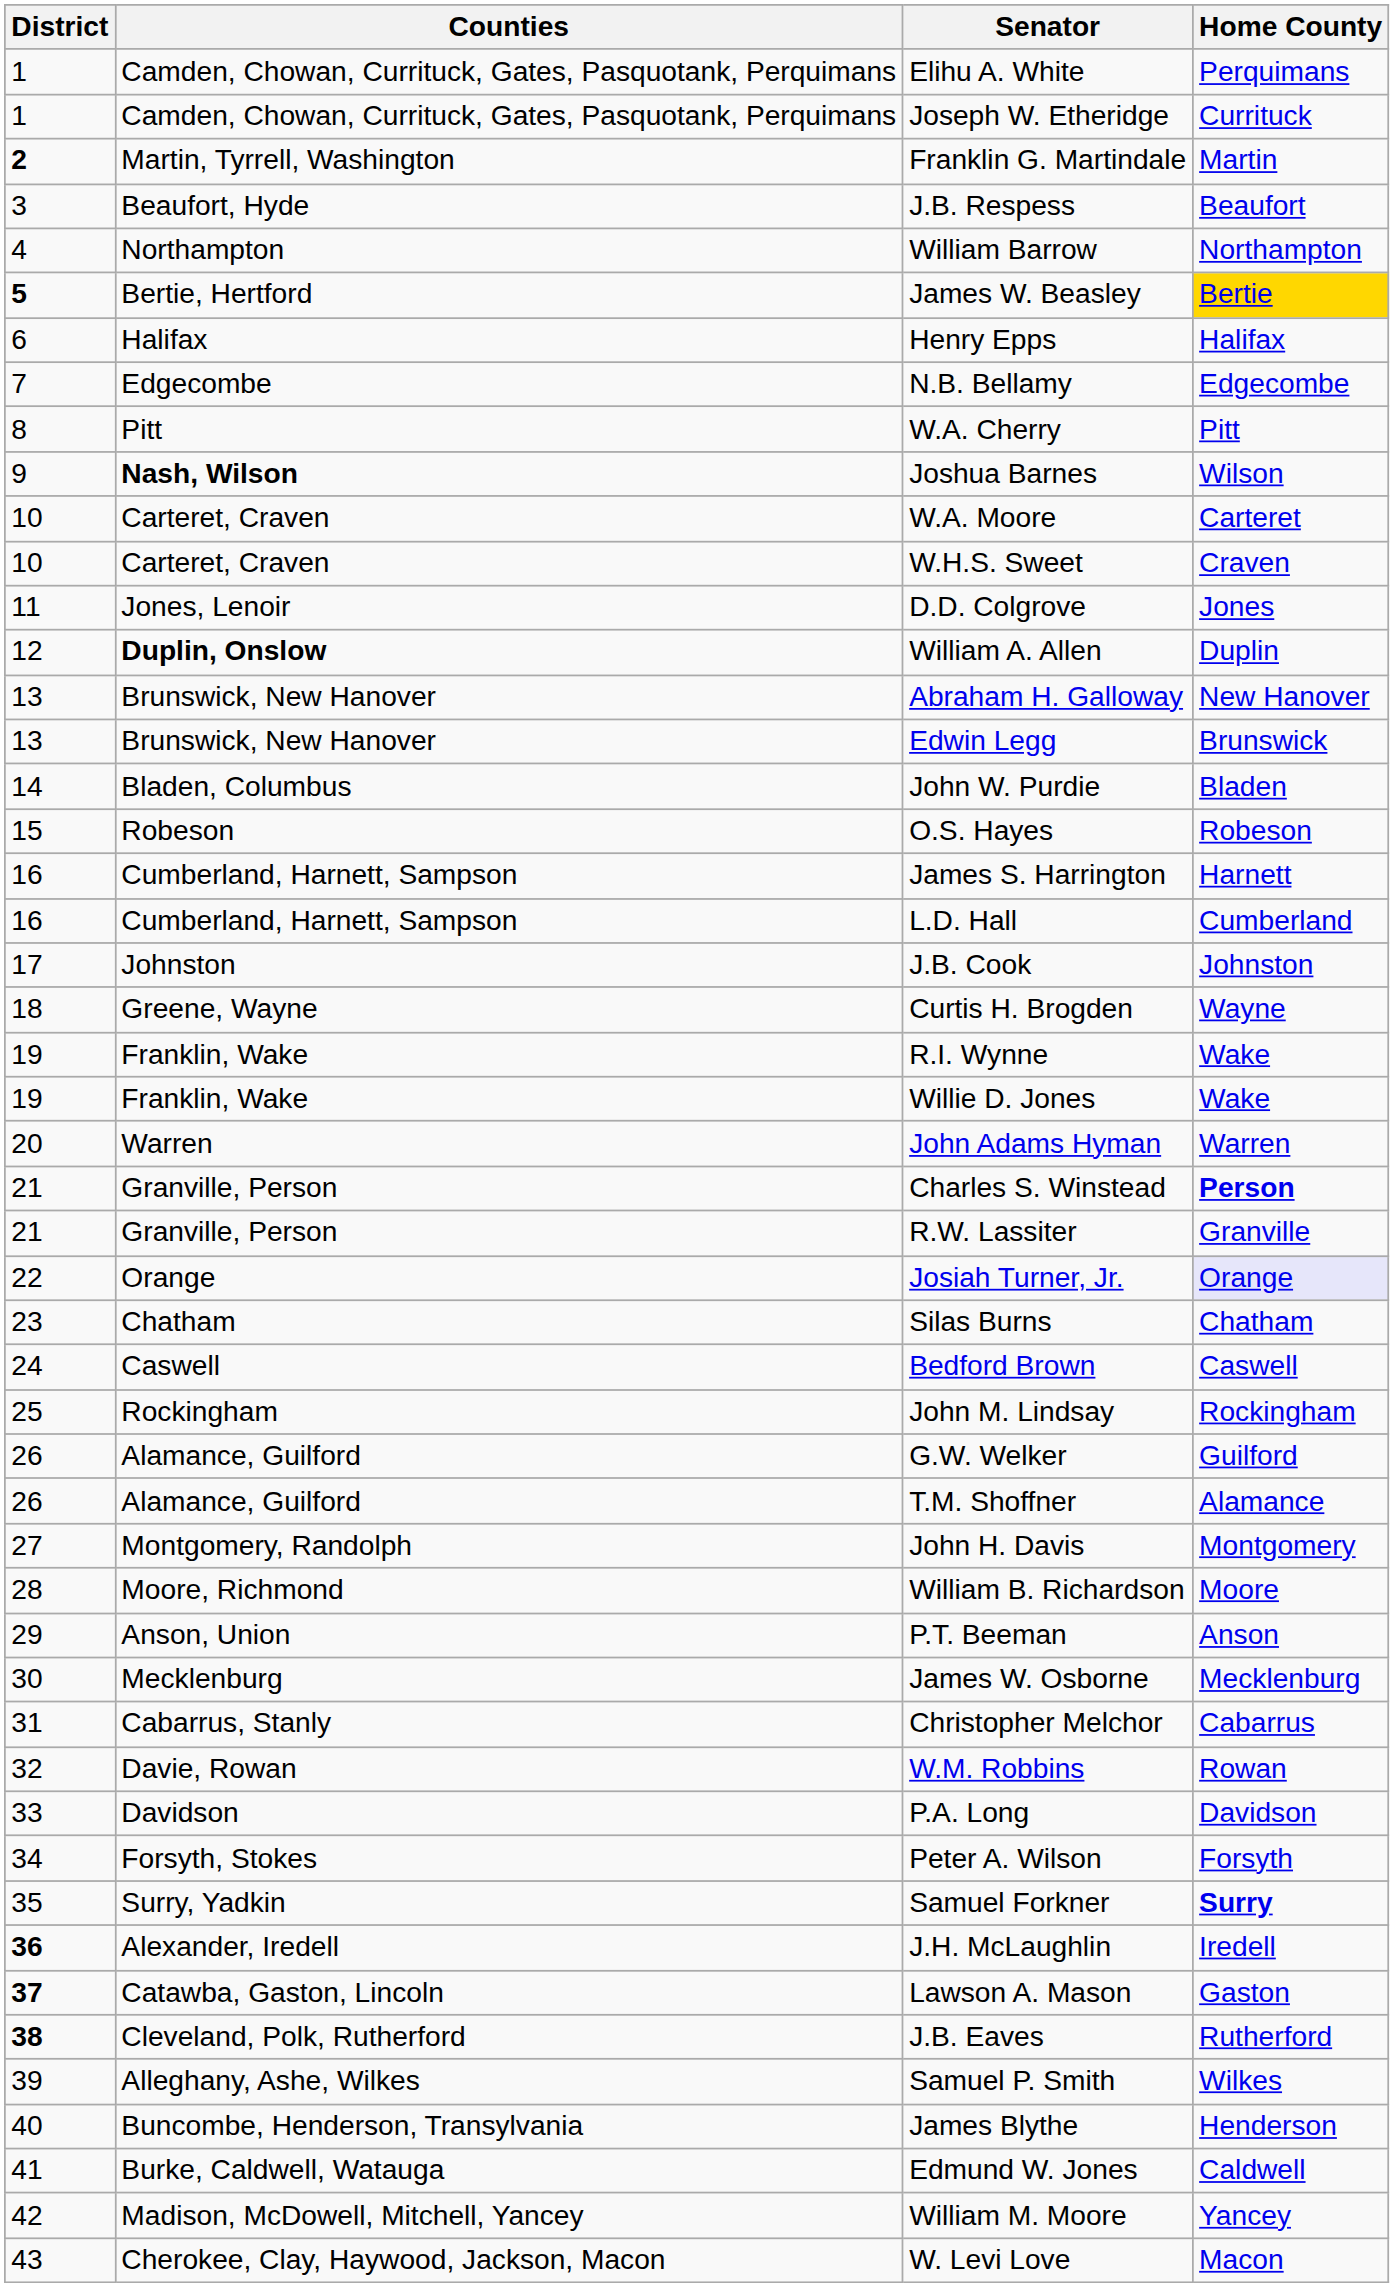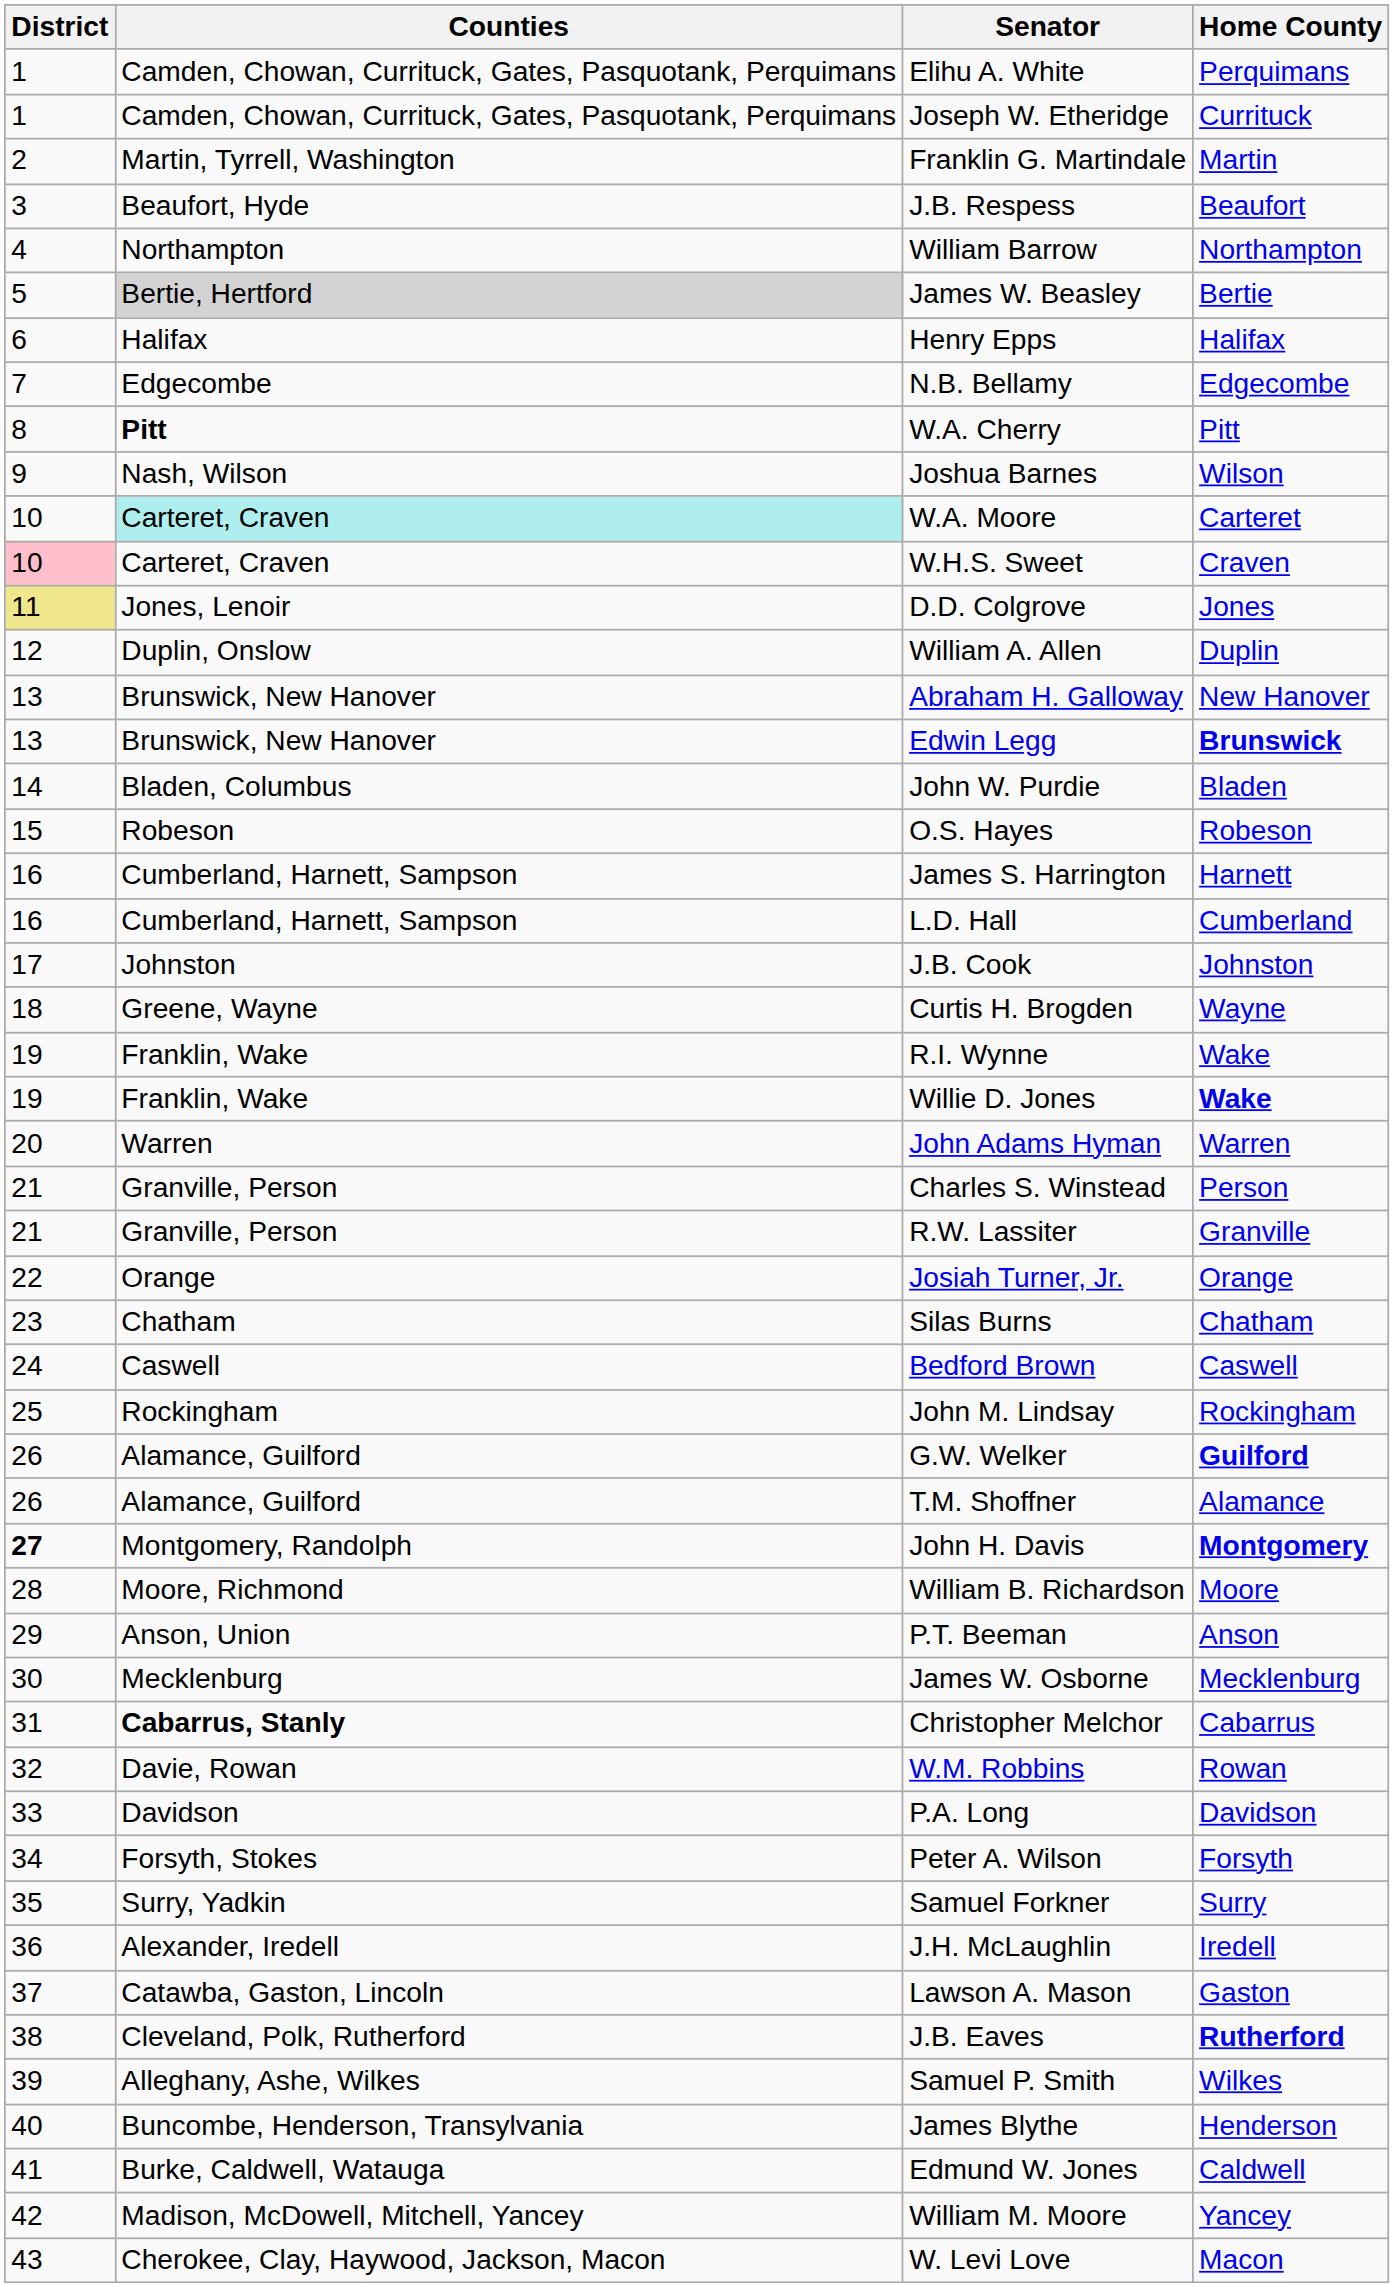 <table class="wikitable sortable">
 <tr>
 <th>District</th>
 <th>Counties</th>
 <th>Senator</th>
 <th>Home County</th>
 </tr>
 <tr>
 <td>1</td>
 <td>Camden, Chowan, Currituck, Gates, Pasquotank, Perquimans</td>
 <td data-sort-value="White, Elihua A.">Elihu A. White</td>
 <td><a href='#'>Perquimans</a></td>
 </tr>
 <tr>
 <td>1</td>
 <td>Camden, Chowan, Currituck, Gates, Pasquotank, Perquimans</td>
 <td data-sort-value="Etheridge, Josepha W.">Joseph W. Etheridge</td>
 <td><a href='#'>Currituck</a></td>
 </tr>
 <tr>
-<td><strong>2</strong></td>
+<td>2</td>
 <td>Martin, Tyrrell, Washington</td>
 <td data-sort-value="Martindale, Franklina G.">Franklin G. Martindale</td>
 <td><a href='#'>Martin</a></td>
 </tr>
 <tr>
 <td>3</td>
 <td>Beaufort, Hyde</td>
 <td data-sort-value="Respess, J. B.">J.B. Respess</td>
 <td><a href='#'>Beaufort</a></td>
 </tr>
 <tr>
 <td>4</td>
 <td>Northampton</td>
 <td data-sort-value="Barrow, William ">William Barrow</td>
 <td><a href='#'>Northampton</a></td>
 </tr>
 <tr>
-<td><strong>5</strong></td>
-<td>Bertie, Hertford</td>
+<td>5</td>
+<td style="background: lightgrey;">Bertie, Hertford</td>
 <td data-sort-value="Beasley, Jamesa W.">James W. Beasley</td>
-<td style="background: gold;"><a href='#'>Bertie</a></td>
+<td><a href='#'>Bertie</a></td>
 </tr>
 <tr>
 <td>6</td>
 <td>Halifax</td>
 <td data-sort-value="Epps, Henry">Henry Epps</td>
 <td><a href='#'>Halifax</a></td>
 </tr>
 <tr>
 <td>7</td>
 <td>Edgecombe</td>
 <td data-sort-value="Bellamy, N. B.">N.B. Bellamy</td>
 <td><a href='#'>Edgecombe</a></td>
 </tr>
 <tr>
 <td>8</td>
-<td>Pitt</td>
+<td><strong>Pitt</strong></td>
 <td data-sort-value="Cherry, W. A.">W.A. Cherry</td>
 <td><a href='#'>Pitt</a></td>
 </tr>
 <tr>
 <td>9</td>
-<td><strong>Nash, Wilson</strong></td>
+<td>Nash, Wilson</td>
 <td data-sort-value="Barnes, Joshuaa Joshua B">Joshua Barnes</td>
 <td><a href='#'>Wilson</a></td>
 </tr>
 <tr>
 <td>10</td>
-<td>Carteret, Craven</td>
+<td style="background: paleturquoise;">Carteret, Craven</td>
 <td data-sort-value="Moore, W. A.">W.A. Moore</td>
 <td><a href='#'>Carteret</a></td>
 </tr>
 <tr>
-<td>10</td>
+<td style="background: pink;">10</td>
 <td>Carteret, Craven</td>
 <td data-sort-value="Sweet, W. S.">W.H.S. Sweet</td>
 <td><a href='#'>Craven</a></td>
 </tr>
 <tr>
-<td>11</td>
+<td style="background: khaki;">11</td>
 <td>Jones, Lenoir</td>
 <td data-sort-value="Colgrove, D. D.">D.D. Colgrove</td>
 <td><a href='#'>Jones</a></td>
 </tr>
 <tr>
 <td>12</td>
-<td><strong>Duplin, Onslow</strong></td>
+<td>Duplin, Onslow</td>
 <td data-sort-value="Allen, Williama A.">William A. Allen</td>
 <td><a href='#'>Duplin</a></td>
 </tr>
 <tr>
 <td>13</td>
 <td>Brunswick, New Hanover</td>
 <td data-sort-value="Galloway, Abraham H."><a href='#'>Abraham H. Galloway</a></td>
 <td><a href='#'>New Hanover</a></td>
 </tr>
 <tr>
 <td>13</td>
 <td>Brunswick, New Hanover</td>
 <td data-sort-value="Legg, Edwin"><a href='#'>Edwin Legg</a></td>
-<td><a href='#'>Brunswick</a></td>
+<td><strong><a href='#'>Brunswick</a></strong></td>
 </tr>
 <tr>
 <td>14</td>
 <td>Bladen, Columbus</td>
 <td data-sort-value="Purdie, Johna W.">John W. Purdie</td>
 <td><a href='#'>Bladen</a></td>
 </tr>
 <tr>
 <td>15</td>
 <td>Robeson</td>
 <td data-sort-value="Hayes, O. S.">O.S. Hayes</td>
 <td><a href='#'>Robeson</a></td>
 </tr>
 <tr>
 <td>16</td>
 <td>Cumberland, Harnett, Sampson</td>
 <td data-sort-value="Harrington, Jamesa S.">James S. Harrington</td>
 <td><a href='#'>Harnett</a></td>
 </tr>
 <tr>
 <td>16</td>
 <td>Cumberland, Harnett, Sampson</td>
 <td data-sort-value="Hall, L. D.">L.D. Hall</td>
 <td><a href='#'>Cumberland</a></td>
 </tr>
 <tr>
 <td>17</td>
 <td>Johnston</td>
 <td data-sort-value="Cook, J. B.">J.B. Cook</td>
 <td><a href='#'>Johnston</a></td>
 </tr>
 <tr>
 <td>18</td>
 <td>Greene, Wayne</td>
 <td data-sort-value="Brogden, Curtisa H.">Curtis H. Brogden</td>
 <td><a href='#'>Wayne</a></td>
 </tr>
 <tr>
 <td>19</td>
 <td>Franklin, Wake</td>
 <td data-sort-value="Wynne, R. I.">R.I. Wynne</td>
 <td><a href='#'>Wake</a></td>
 </tr>
 <tr>
 <td>19</td>
 <td>Franklin, Wake</td>
 <td data-sort-value="Jones, Willie D.">Willie D. Jones</td>
-<td><a href='#'>Wake</a></td>
+<td><strong><a href='#'>Wake</a></strong></td>
 </tr>
 <tr>
 <td>20</td>
 <td>Warren</td>
 <td data-sort-value="Hyman, John Adams"><a href='#'>John Adams Hyman</a></td>
 <td><a href='#'>Warren</a></td>
 </tr>
 <tr>
 <td>21</td>
 <td>Granville, Person</td>
 <td data-sort-value="Winstead, C. S.">Charles S. Winstead</td>
-<td><strong><a href='#'>Person</a></strong></td>
+<td><a href='#'>Person</a></td>
 </tr>
 <tr>
 <td>21</td>
 <td>Granville, Person</td>
 <td data-sort-value="Lassiter, R. W.">R.W. Lassiter</td>
 <td><a href='#'>Granville</a></td>
 </tr>
 <tr>
 <td>22</td>
 <td>Orange</td>
 <td data-sort-value="Turner, Josiah, Jr."><a href='#'>Josiah Turner, Jr.</a></td>
-<td style="background: lavender;"><a href='#'>Orange</a></td>
+<td><a href='#'>Orange</a></td>
 </tr>
 <tr>
 <td>23</td>
 <td>Chatham</td>
 <td data-sort-value="Burns, Silas">Silas Burns</td>
 <td><a href='#'>Chatham</a></td>
 </tr>
 <tr>
 <td>24</td>
 <td>Caswell</td>
 <td data-sort-value="Brown, Bedford "><a href='#'>Bedford Brown</a></td>
 <td><a href='#'>Caswell</a></td>
 </tr>
 <tr>
 <td>25</td>
 <td>Rockingham</td>
 <td data-sort-value="Lindsay, Johna M.">John M. Lindsay</td>
 <td><a href='#'>Rockingham</a></td>
 </tr>
 <tr>
 <td>26</td>
 <td>Alamance, Guilford</td>
 <td data-sort-value="Welker, G. W.">G.W. Welker</td>
-<td><a href='#'>Guilford</a></td>
+<td><strong><a href='#'>Guilford</a></strong></td>
 </tr>
 <tr>
 <td>26</td>
 <td>Alamance, Guilford</td>
 <td data-sort-value="Shoffner, T. M.">T.M. Shoffner</td>
 <td><a href='#'>Alamance</a></td>
 </tr>
 <tr>
-<td>27</td>
+<td><strong>27</strong></td>
 <td>Montgomery, Randolph</td>
 <td data-sort-value="Davis, John H.">John H. Davis</td>
-<td><a href='#'>Montgomery</a></td>
+<td><strong><a href='#'>Montgomery</a></strong></td>
 </tr>
 <tr>
 <td>28</td>
 <td>Moore, Richmond</td>
 <td data-sort-value="Richardson, Williama B.">William B. Richardson</td>
 <td><a href='#'>Moore</a></td>
 </tr>
 <tr>
 <td>29</td>
 <td>Anson, Union</td>
 <td data-sort-value="Beeman, P. T.">P.T. Beeman</td>
 <td><a href='#'>Anson</a></td>
 </tr>
 <tr>
 <td>30</td>
 <td>Mecklenburg</td>
 <td data-sort-value="Osborne, James W.">James W. Osborne</td>
 <td><a href='#'>Mecklenburg</a></td>
 </tr>
 <tr>
 <td>31</td>
-<td>Cabarrus, Stanly</td>
+<td><strong>Cabarrus, Stanly</strong></td>
 <td data-sort-value="Melchor, Christopher">Christopher Melchor</td>
 <td><a href='#'>Cabarrus</a></td>
 </tr>
 <tr>
 <td>32</td>
 <td>Davie, Rowan</td>
 <td data-sort-value="Robbins, W. M."><a href='#'>W.M. Robbins</a></td>
 <td><a href='#'>Rowan</a></td>
 </tr>
 <tr>
 <td>33</td>
 <td>Davidson</td>
 <td data-sort-value="Long, P. A.">P.A. Long</td>
 <td><a href='#'>Davidson</a></td>
 </tr>
 <tr>
 <td>34</td>
 <td>Forsyth, Stokes</td>
 <td data-sort-value="Wilson, Peter A.">Peter A. Wilson</td>
 <td><a href='#'>Forsyth</a></td>
 </tr>
 <tr>
 <td>35</td>
 <td>Surry, Yadkin</td>
 <td data-sort-value="Forkner, Samuel">Samuel Forkner</td>
-<td><strong><a href='#'>Surry</a></strong></td>
+<td><a href='#'>Surry</a></td>
 </tr>
 <tr>
-<td><strong>36</strong></td>
+<td>36</td>
 <td>Alexander, Iredell</td>
 <td data-sort-value="McLaughlin, J. H.">J.H. McLaughlin</td>
 <td><a href='#'>Iredell</a></td>
 </tr>
 <tr>
-<td><strong>37</strong></td>
+<td>37</td>
 <td>Catawba, Gaston, Lincoln</td>
 <td data-sort-value="Mason, Lawson A.">Lawson A. Mason</td>
 <td><a href='#'>Gaston</a></td>
 </tr>
 <tr>
-<td><strong>38</strong></td>
+<td>38</td>
 <td>Cleveland, Polk, Rutherford</td>
 <td data-sort-value="Eaves, J. B.">J.B. Eaves</td>
-<td><a href='#'>Rutherford</a></td>
+<td><strong><a href='#'>Rutherford</a></strong></td>
 </tr>
 <tr>
 <td>39</td>
 <td>Alleghany, Ashe, Wilkes</td>
 <td data-sort-value="Smith, Samuel P.">Samuel P. Smith</td>
 <td><a href='#'>Wilkes</a></td>
 </tr>
 <tr>
 <td>40</td>
 <td>Buncombe, Henderson, Transylvania</td>
 <td data-sort-value="Blythe, James">James Blythe</td>
 <td><a href='#'>Henderson</a></td>
 </tr>
 <tr>
 <td>41</td>
 <td>Burke, Caldwell, Watauga</td>
 <td data-sort-value="Jones, Edmund W.">Edmund W. Jones</td>
 <td><a href='#'>Caldwell</a></td>
 </tr>
 <tr>
 <td>42</td>
 <td>Madison, McDowell, Mitchell, Yancey</td>
 <td data-sort-value="Moore, William M.">William M. Moore</td>
 <td><a href='#'>Yancey</a></td>
 </tr>
 <tr>
 <td>43</td>
 <td>Cherokee, Clay, Haywood, Jackson, Macon</td>
 <td data-sort-value="Love, W. Levi">W. Levi Love</td>
 <td><a href='#'>Macon</a></td>
 </tr>
 </table>
